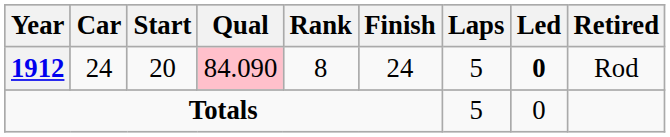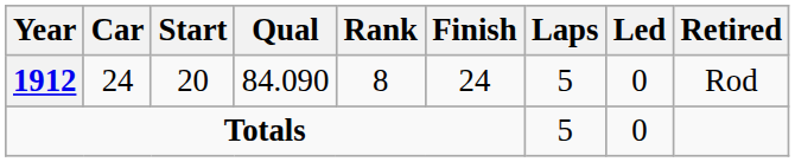 <table class="wikitable" style="text-align:center">
 <tr>
 <th>Year</th>
 <th>Car</th>
 <th>Start</th>
 <th>Qual</th>
 <th>Rank</th>
 <th>Finish</th>
 <th>Laps</th>
 <th>Led</th>
 <th>Retired</th>
 </tr>
 <tr>
 <th><a href='#'>1912</a></th>
 <td>24</td>
 <td>20</td>
-<td style="background: pink;">84.090</td>
+<td>84.090</td>
 <td>8</td>
 <td>24</td>
 <td>5</td>
-<td><strong>0</strong></td>
+<td>0</td>
 <td>Rod</td>
 </tr>
 <tr>
 <td colspan=6><strong>Totals</strong></td>
 <td>5</td>
 <td>0</td>
 <td></td>
 </tr>
 </table>
